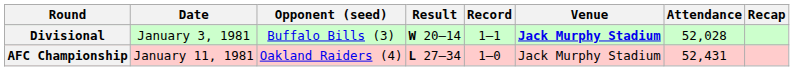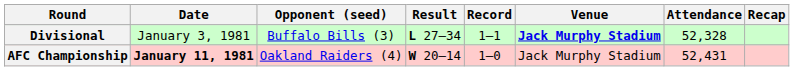 <table class="wikitable" style="text-align:center">
 <tr>
 <th>Round</th>
 <th>Date</th>
 <th>Opponent (seed)</th>
 <th>Result</th>
 <th>Record</th>
 <th>Venue</th>
 <th>Attendance</th>
 <th>Recap</th>
 </tr>
 <tr style="background:#cfc">
 <th>Divisional</th>
 <td>January 3, 1981</td>
 <td><a href='#'>Buffalo Bills</a> (3)</td>
-<td><strong>W</strong> 20–14</td>
+<td><strong>L</strong> 27–34</td>
 <td>1–1</td>
 <td><strong><a href='#'>Jack Murphy Stadium</a></strong></td>
-<td>52,028</td>
+<td>52,328</td>
 <td></td>
 </tr>
 <tr style="background:#fcc">
 <th>AFC Championship</th>
-<td>January 11, 1981</td>
+<td><strong>January 11, 1981</strong></td>
 <td><a href='#'>Oakland Raiders</a> (4)</td>
-<td><strong>L</strong> 27–34</td>
+<td><strong>W</strong> 20–14</td>
 <td>1–0</td>
 <td>Jack Murphy Stadium</td>
 <td>52,431</td>
 <td></td>
 </tr>
 </table>
